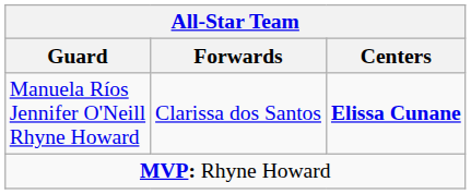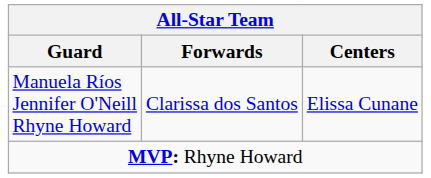 <table class=wikitable style="margin:auto">
 <tr>
 <th colspan=3 align=center><a href='#'>All-Star Team</a></th>
 </tr>
 <tr>
 <th>Guard</th>
 <th>Forwards</th>
 <th>Centers</th>
 </tr>
 <tr>
 <td> <a href='#'>Manuela Ríos</a><br> <a href='#'>Jennifer O'Neill</a><br> <a href='#'>Rhyne Howard</a></td>
 <td> <a href='#'>Clarissa dos Santos</a></td>
-<td><strong> <a href='#'>Elissa Cunane</a></strong></td>
+<td> <a href='#'>Elissa Cunane</a></td>
 </tr>
 <tr>
 <td colspan=3 align=center><strong><a href='#'>MVP</a>:</strong>  Rhyne Howard</td>
 </tr>
 </table>
